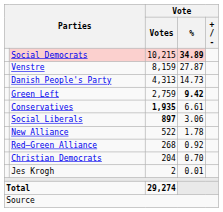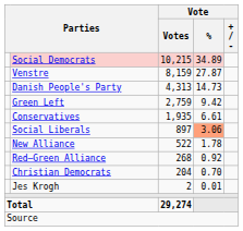 <table class="wikitable" style="text-align:right;">
 <tr>
 <th style="text-align:centre;" rowspan="2" colspan="2" width="225">Parties</th>
 <th colspan="3">Vote</th>
 </tr>
 <tr>
 <th width="15">Votes</th>
 <th width="15">%</th>
 <th width="15">+ / -</th>
 </tr>
 <tr>
 <td width="2" style="color:inherit;background:"></td>
 <td bgcolor=#fbd0ce  align="left"><a href='#'>Social Democrats</a></td>
 <td bgcolor=#fbd0ce>10,215</td>
-<td bgcolor=#fbd0ce><strong>34.89</strong></td>
+<td bgcolor=#fbd0ce>34.89</td>
 <td></td>
 </tr>
 <tr>
 <td width="2" style="color:inherit;background:"></td>
 <td align="left"><a href='#'>Venstre</a></td>
 <td>8,159</td>
 <td>27.87</td>
 <td></td>
 </tr>
 <tr>
 <td width="2" style="color:inherit;background:"></td>
 <td align="left"><a href='#'>Danish People's Party</a></td>
 <td>4,313</td>
 <td>14.73</td>
 <td></td>
 </tr>
 <tr>
 <td width="2" style="color:inherit;background:"></td>
 <td align="left"><a href='#'>Green Left</a></td>
 <td>2,759</td>
-<td><strong>9.42</strong></td>
+<td>9.42</td>
 <td></td>
 </tr>
 <tr>
 <td width="2" style="color:inherit;background:"></td>
 <td align="left"><a href='#'>Conservatives</a></td>
-<td><strong>1,935</strong></td>
+<td>1,935</td>
 <td>6.61</td>
 <td></td>
 </tr>
 <tr>
 <td width="2" style="color:inherit;background:"></td>
 <td align="left"><a href='#'>Social Liberals</a></td>
-<td><strong>897</strong></td>
-<td>3.06</td>
+<td>897</td>
+<td style="background: lightsalmon;">3.06</td>
 <td></td>
 </tr>
 <tr>
 <td width="2" style="color:inherit;background:"></td>
 <td align="left"><a href='#'>New Alliance</a></td>
 <td>522</td>
 <td>1.78</td>
 <td></td>
 </tr>
 <tr>
 <td width="2" style="color:inherit;background:"></td>
 <td align="left"><a href='#'>Red–Green Alliance</a></td>
 <td>268</td>
 <td>0.92</td>
 <td></td>
 </tr>
 <tr>
 <td width="2" style="color:inherit;background:"></td>
 <td align="left"><a href='#'>Christian Democrats</a></td>
 <td>204</td>
 <td>0.70</td>
 <td></td>
 </tr>
 <tr>
 <td width="2" style="color:inherit;background:"></td>
 <td align="left">Jes Krogh</td>
 <td>2</td>
 <td>0.01</td>
 <td></td>
 </tr>
 <tr>
 <td colspan="7" bgcolor="#E9E9E9"></td>
 </tr>
 <tr>
 <td align="left" colspan="2"><strong>Total</strong></td>
 <td><strong>29,274</strong></td>
 <td bgcolor="#E9E9E9" colspan="2"></td>
 </tr>
 <tr>
 <td align="left" colspan="6">Source</td>
 </tr>
 </table>
